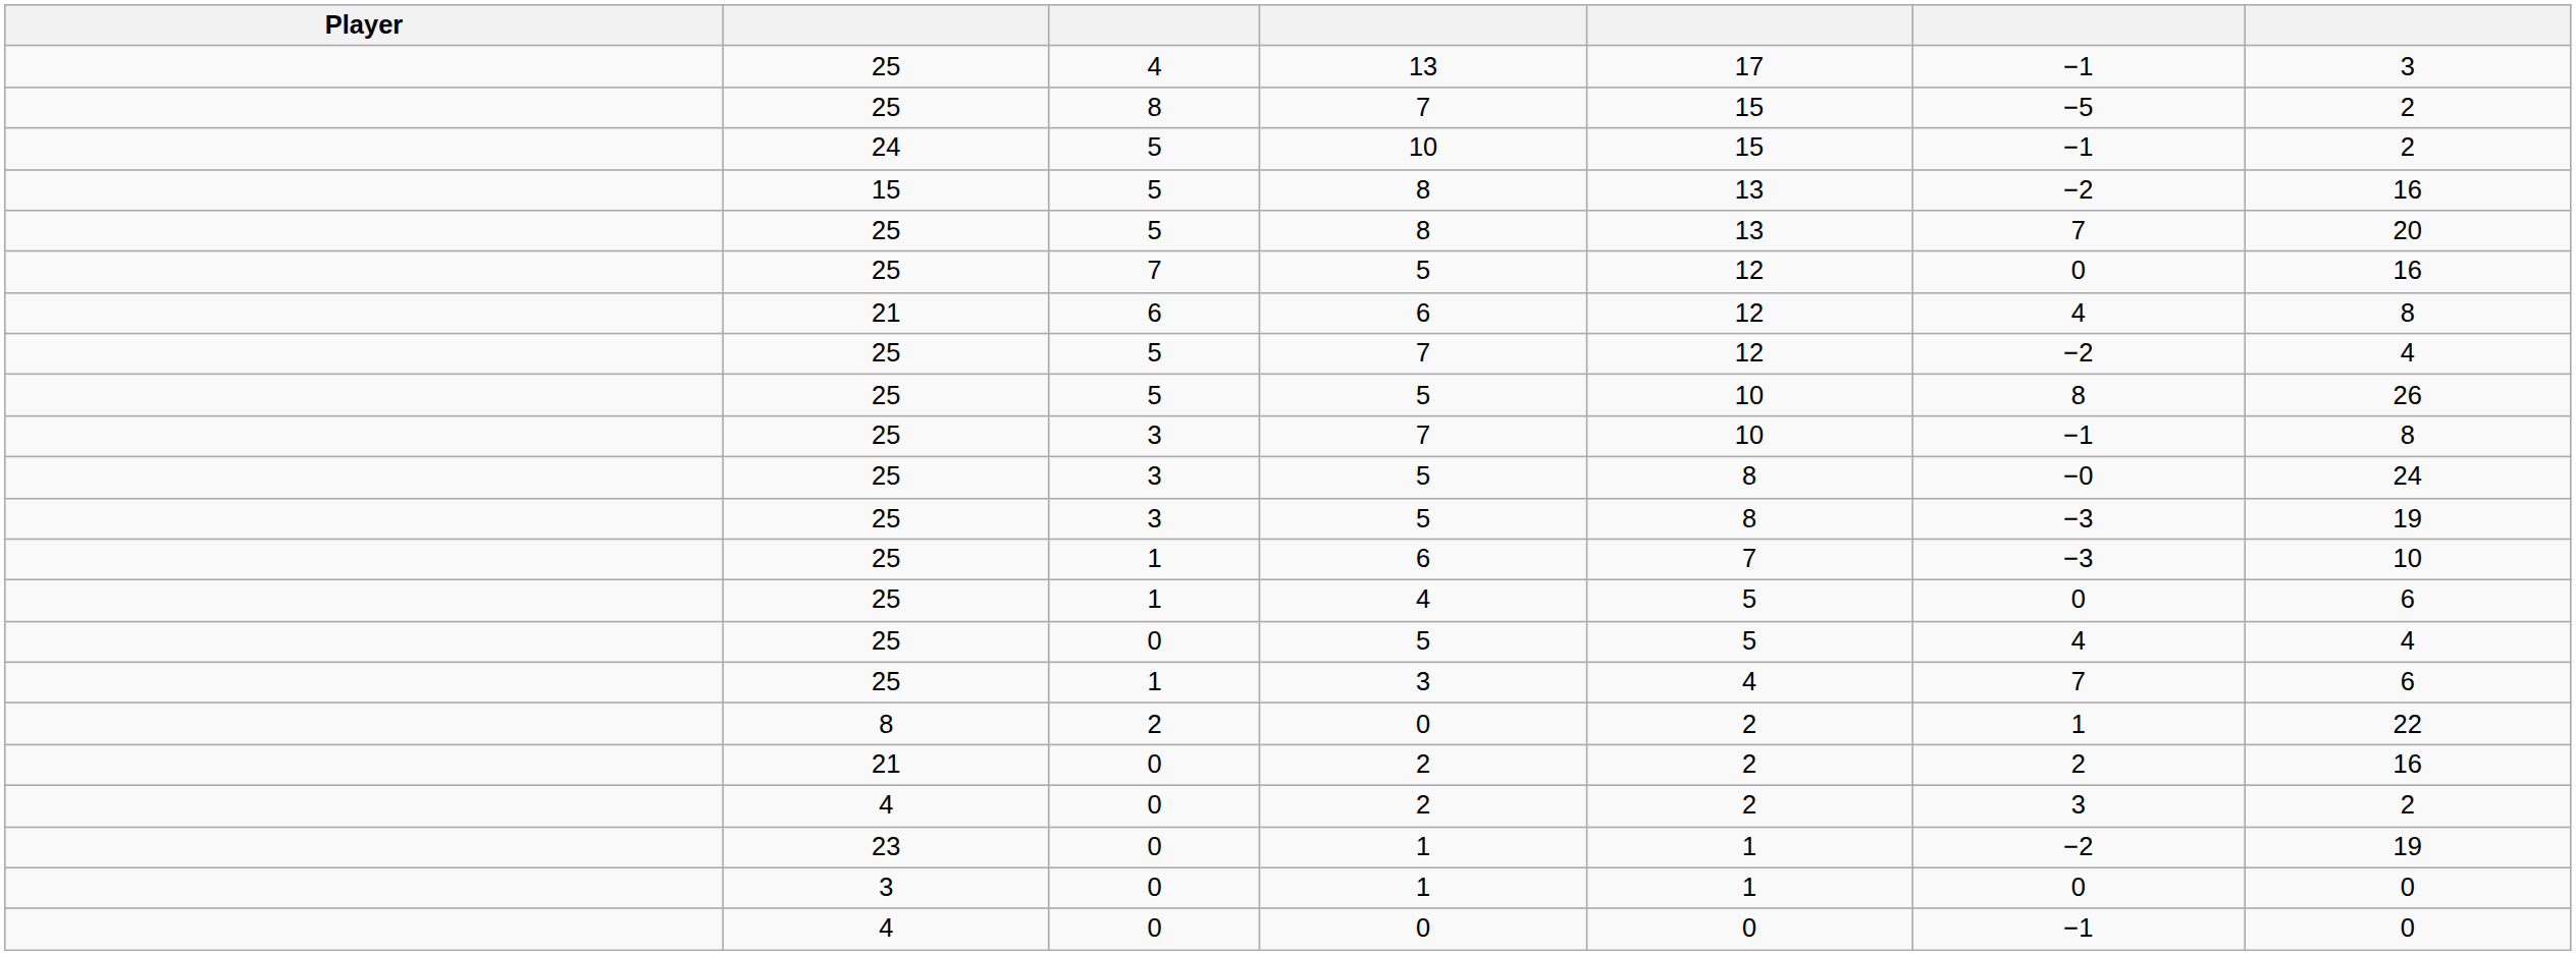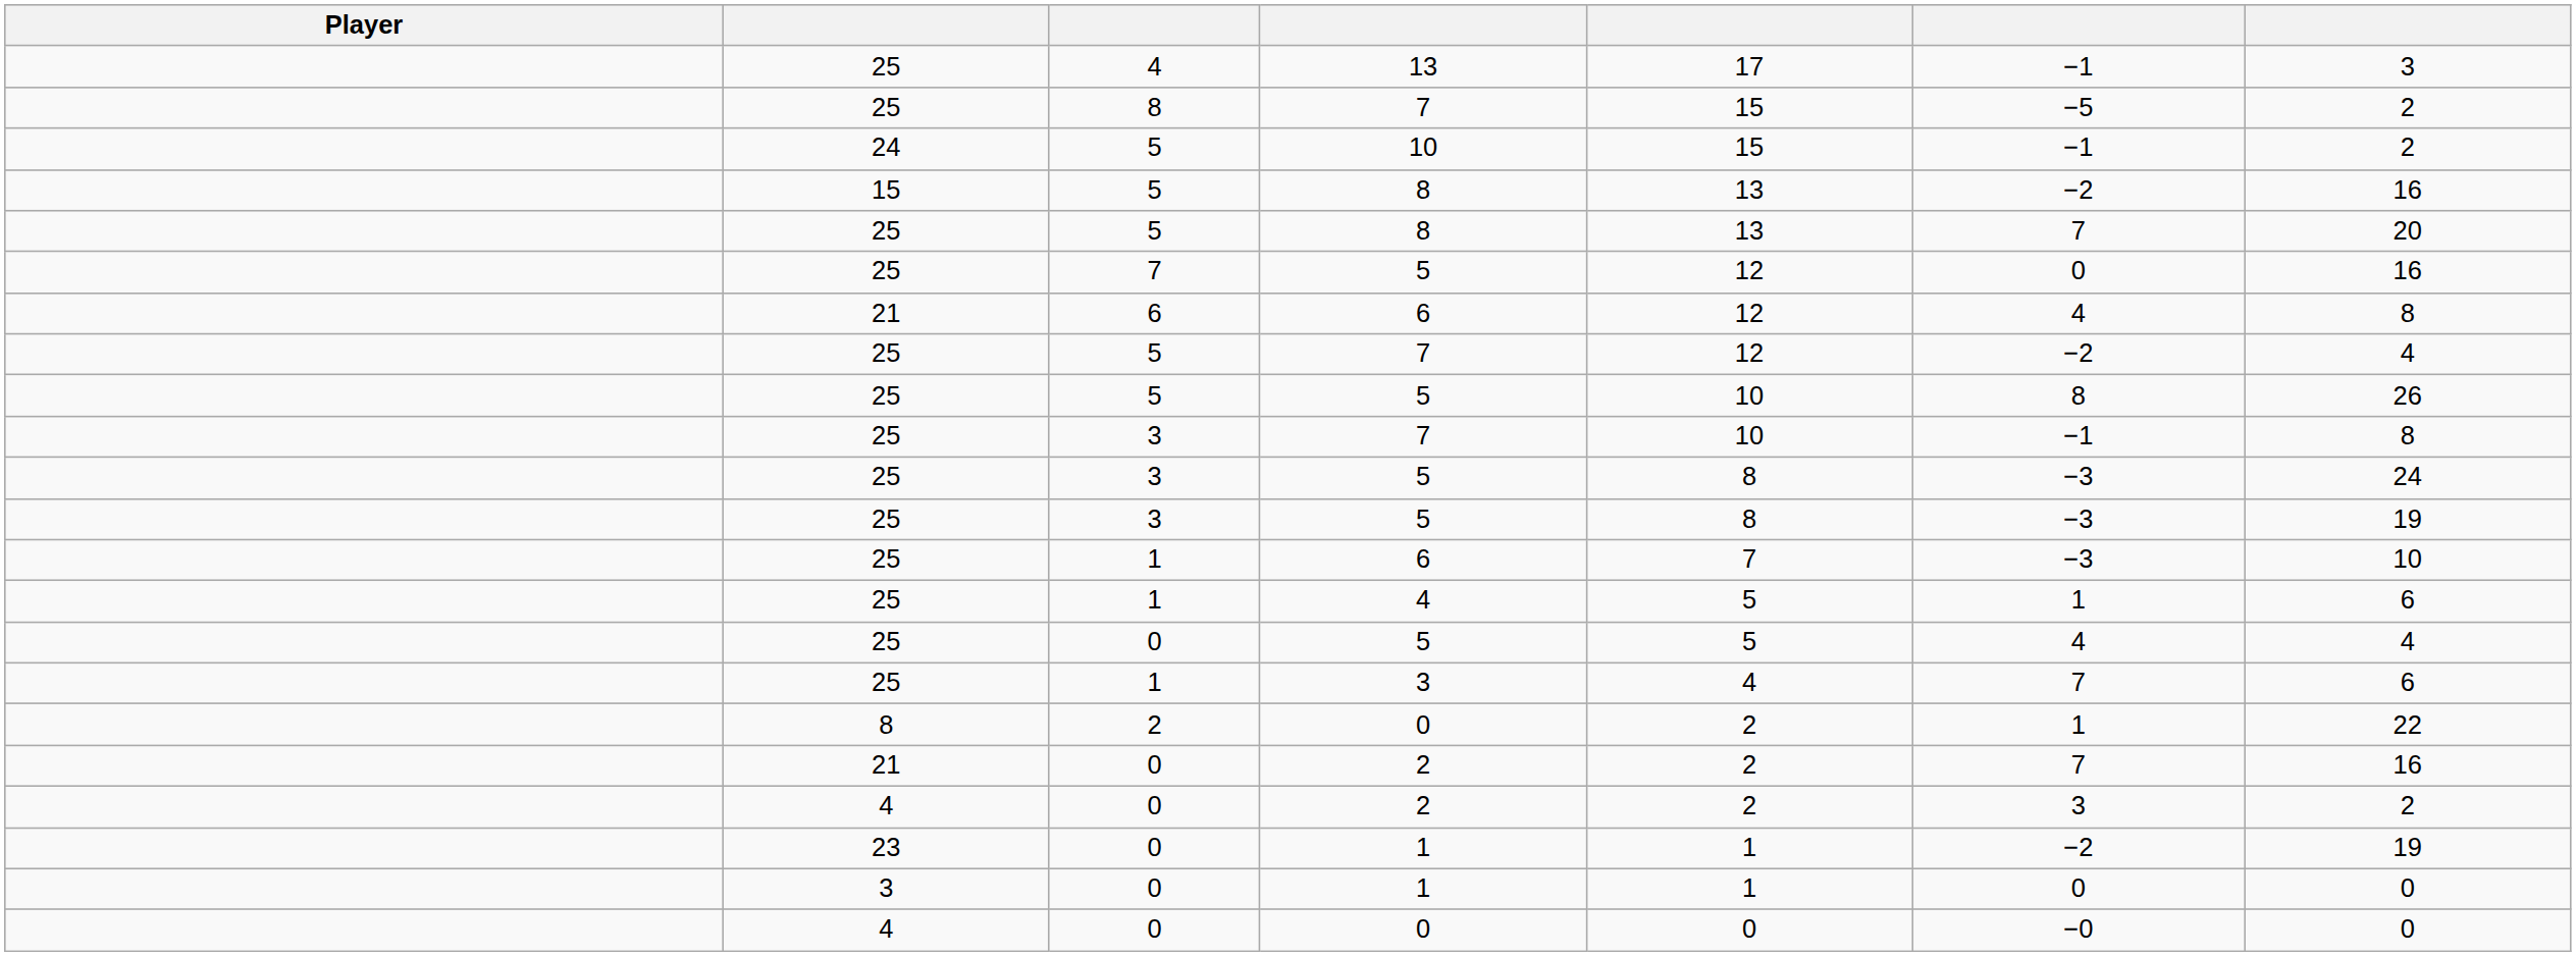 <table class="wikitable sortable" style="width:100%; text-align:center;">
 <tr align=center>
 <th>Player</th>
 <th></th>
 <th></th>
 <th></th>
 <th></th>
 <th data-sort-type="number"></th>
 <th></th>
 </tr>
 <tr>
 <td></td>
 <td>25</td>
 <td>4</td>
 <td>13</td>
 <td>17</td>
 <td>−1</td>
 <td>3</td>
 </tr>
 <tr>
 <td></td>
 <td>25</td>
 <td>8</td>
 <td>7</td>
 <td>15</td>
 <td>−5</td>
 <td>2</td>
 </tr>
 <tr>
 <td></td>
 <td>24</td>
 <td>5</td>
 <td>10</td>
 <td>15</td>
 <td>−1</td>
 <td>2</td>
 </tr>
 <tr>
 <td></td>
 <td>15</td>
 <td>5</td>
 <td>8</td>
 <td>13</td>
 <td>−2</td>
 <td>16</td>
 </tr>
 <tr>
 <td></td>
 <td>25</td>
 <td>5</td>
 <td>8</td>
 <td>13</td>
 <td>7</td>
 <td>20</td>
 </tr>
 <tr>
 <td></td>
 <td>25</td>
 <td>7</td>
 <td>5</td>
 <td>12</td>
 <td>0</td>
 <td>16</td>
 </tr>
 <tr>
 <td></td>
 <td>21</td>
 <td>6</td>
 <td>6</td>
 <td>12</td>
 <td>4</td>
 <td>8</td>
 </tr>
 <tr>
 <td></td>
 <td>25</td>
 <td>5</td>
 <td>7</td>
 <td>12</td>
 <td>−2</td>
 <td>4</td>
 </tr>
 <tr>
 <td></td>
 <td>25</td>
 <td>5</td>
 <td>5</td>
 <td>10</td>
 <td>8</td>
 <td>26</td>
 </tr>
 <tr>
 <td></td>
 <td>25</td>
 <td>3</td>
 <td>7</td>
 <td>10</td>
 <td>−1</td>
 <td>8</td>
 </tr>
 <tr>
 <td></td>
 <td>25</td>
 <td>3</td>
 <td>5</td>
 <td>8</td>
-<td>−0</td>
+<td>−3</td>
 <td>24</td>
 </tr>
 <tr>
 <td></td>
 <td>25</td>
 <td>3</td>
 <td>5</td>
 <td>8</td>
 <td>−3</td>
 <td>19</td>
 </tr>
 <tr>
 <td></td>
 <td>25</td>
 <td>1</td>
 <td>6</td>
 <td>7</td>
 <td>−3</td>
 <td>10</td>
 </tr>
 <tr>
 <td></td>
 <td>25</td>
 <td>1</td>
 <td>4</td>
 <td>5</td>
-<td>0</td>
+<td>1</td>
 <td>6</td>
 </tr>
 <tr>
 <td></td>
 <td>25</td>
 <td>0</td>
 <td>5</td>
 <td>5</td>
 <td>4</td>
 <td>4</td>
 </tr>
 <tr>
 <td></td>
 <td>25</td>
 <td>1</td>
 <td>3</td>
 <td>4</td>
 <td>7</td>
 <td>6</td>
 </tr>
 <tr>
 <td></td>
 <td>8</td>
 <td>2</td>
 <td>0</td>
 <td>2</td>
 <td>1</td>
 <td>22</td>
 </tr>
 <tr>
 <td></td>
 <td>21</td>
 <td>0</td>
 <td>2</td>
 <td>2</td>
-<td>2</td>
+<td>7</td>
 <td>16</td>
 </tr>
 <tr>
 <td></td>
 <td>4</td>
 <td>0</td>
 <td>2</td>
 <td>2</td>
 <td>3</td>
 <td>2</td>
 </tr>
 <tr>
 <td></td>
 <td>23</td>
 <td>0</td>
 <td>1</td>
 <td>1</td>
 <td>−2</td>
 <td>19</td>
 </tr>
 <tr>
 <td></td>
 <td>3</td>
 <td>0</td>
 <td>1</td>
 <td>1</td>
 <td>0</td>
 <td>0</td>
 </tr>
 <tr>
 <td></td>
 <td>4</td>
 <td>0</td>
 <td>0</td>
 <td>0</td>
-<td>−1</td>
+<td>−0</td>
 <td>0</td>
 </tr>
 </table>
